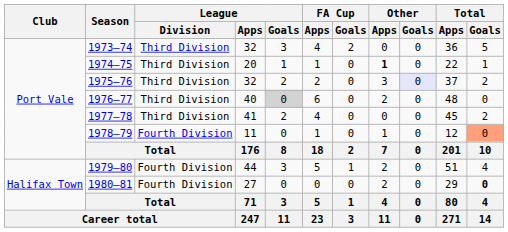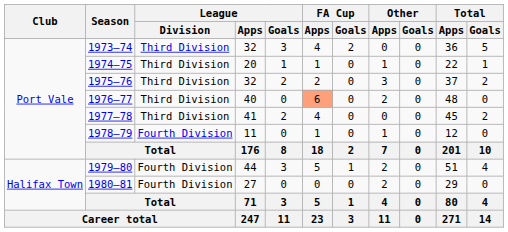 <table class="wikitable" style="text-align: center;">
 <tr>
 <th rowspan="2">Club</th>
 <th rowspan="2">Season</th>
 <th colspan="3">League</th>
 <th colspan="2">FA Cup</th>
 <th colspan="2">Other</th>
 <th colspan="2">Total</th>
 </tr>
 <tr>
 <th>Division</th>
 <th>Apps</th>
 <th>Goals</th>
 <th>Apps</th>
 <th>Goals</th>
 <th>Apps</th>
 <th>Goals</th>
 <th>Apps</th>
 <th>Goals</th>
 </tr>
 <tr>
 <td rowspan="7"><a href='#'>Port Vale</a></td>
 <td><a href='#'>1973–74</a></td>
 <td><a href='#'>Third Division</a></td>
 <td>32</td>
 <td>3</td>
 <td>4</td>
 <td>2</td>
 <td>0</td>
 <td>0</td>
 <td>36</td>
 <td>5</td>
 </tr>
 <tr>
 <td><a href='#'>1974–75</a></td>
 <td>Third Division</td>
 <td>20</td>
 <td>1</td>
 <td>1</td>
 <td>0</td>
-<td><strong>1</strong></td>
+<td>1</td>
 <td>0</td>
 <td>22</td>
 <td>1</td>
 </tr>
 <tr>
 <td><a href='#'>1975–76</a></td>
 <td>Third Division</td>
 <td>32</td>
 <td>2</td>
 <td>2</td>
 <td>0</td>
 <td>3</td>
-<td style="background: lavender;">0</td>
+<td>0</td>
 <td>37</td>
 <td>2</td>
 </tr>
 <tr>
 <td><a href='#'>1976–77</a></td>
 <td>Third Division</td>
 <td>40</td>
-<td style="background: lightgrey;">0</td>
-<td>6</td>
+<td>0</td>
+<td style="background: lightsalmon;">6</td>
 <td>0</td>
 <td>2</td>
 <td>0</td>
 <td>48</td>
 <td>0</td>
 </tr>
 <tr>
 <td><a href='#'>1977–78</a></td>
 <td>Third Division</td>
 <td>41</td>
 <td>2</td>
 <td>4</td>
 <td>0</td>
 <td>0</td>
 <td>0</td>
 <td>45</td>
 <td>2</td>
 </tr>
 <tr>
 <td><a href='#'>1978–79</a></td>
 <td><a href='#'>Fourth Division</a></td>
 <td>11</td>
 <td>0</td>
 <td>1</td>
 <td>0</td>
 <td>1</td>
 <td>0</td>
 <td>12</td>
-<td style="background: lightsalmon;">0</td>
+<td>0</td>
 </tr>
 <tr>
 <th colspan="2">Total</th>
 <th>176</th>
 <th>8</th>
 <th>18</th>
 <th>2</th>
 <th>7</th>
 <th>0</th>
 <th>201</th>
 <th>10</th>
 </tr>
 <tr>
 <td rowspan="3"><a href='#'>Halifax Town</a></td>
 <td><a href='#'>1979–80</a></td>
 <td>Fourth Division</td>
 <td>44</td>
 <td>3</td>
 <td>5</td>
 <td>1</td>
 <td>2</td>
 <td>0</td>
 <td>51</td>
 <td>4</td>
 </tr>
 <tr>
 <td><a href='#'>1980–81</a></td>
 <td>Fourth Division</td>
 <td>27</td>
 <td>0</td>
 <td>0</td>
 <td>0</td>
 <td>2</td>
 <td>0</td>
 <td>29</td>
-<td><strong>0</strong></td>
+<td>0</td>
 </tr>
 <tr>
 <th colspan="2">Total</th>
 <th>71</th>
 <th>3</th>
 <th>5</th>
 <th>1</th>
 <th>4</th>
 <th>0</th>
 <th>80</th>
 <th>4</th>
 </tr>
 <tr>
 <th colspan="3">Career total</th>
 <th>247</th>
 <th>11</th>
 <th>23</th>
 <th>3</th>
 <th>11</th>
 <th>0</th>
 <th>271</th>
 <th>14</th>
 </tr>
 </table>
